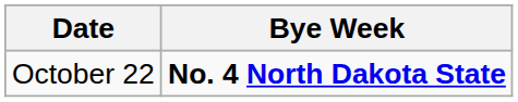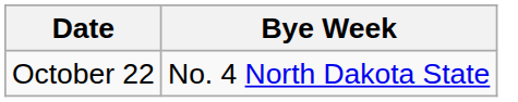 <table class="wikitable" style="font-size:95%;">
 <tr>
 <th>Date</th>
 <th colspan="4">Bye Week</th>
 </tr>
 <tr>
 <td>October 22</td>
-<td><strong>No. 4 <a href='#'>North Dakota State</a></strong></td>
+<td>No. 4 <a href='#'>North Dakota State</a></td>
 </tr>
 </table>
